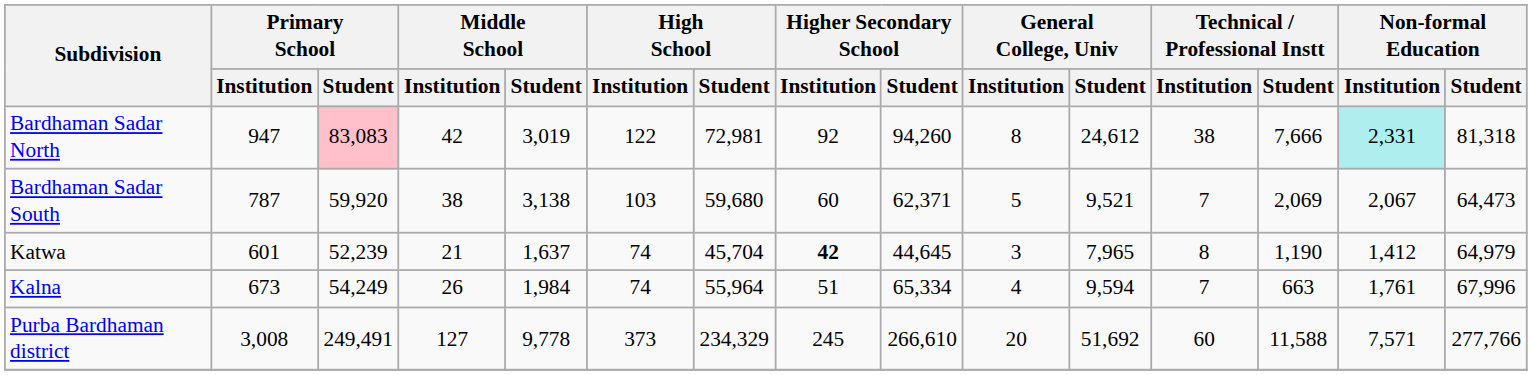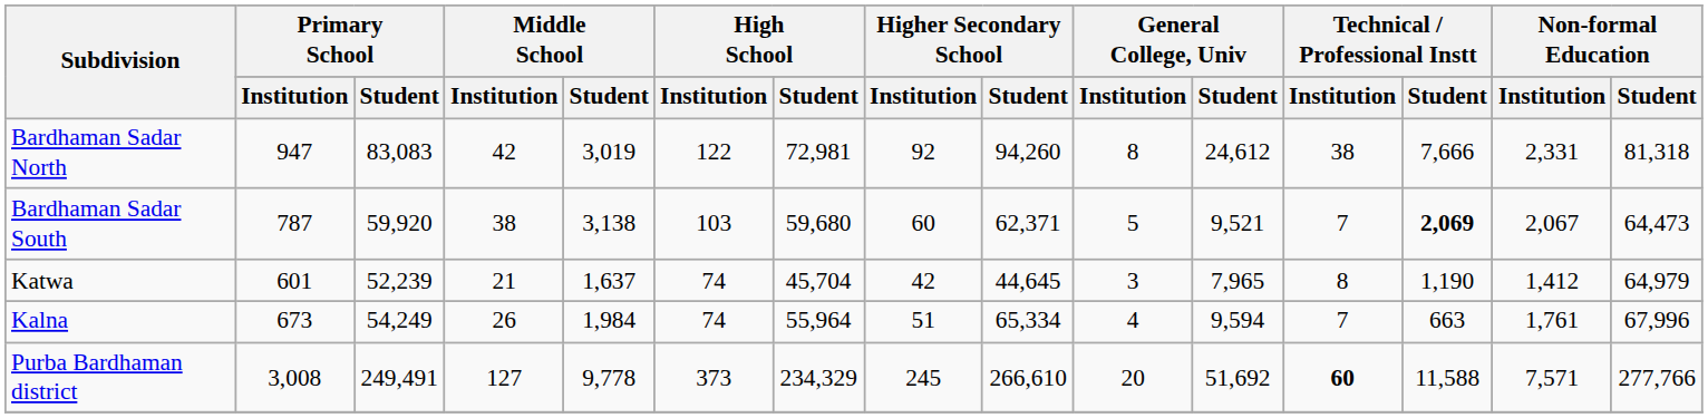 <table class="wikitable" style="text-align:center;font-size: 9pt">
 <tr>
 <th width="110" rowspan="2">Subdivision</th>
 <th colspan="2">Primary<br>School</th>
 <th colspan="2">Middle<br>School</th>
 <th colspan="2">High<br>School</th>
 <th colspan="2">Higher Secondary<br>School</th>
 <th colspan="2">General<br>College, Univ</th>
 <th colspan="2">Technical /<br>Professional Instt</th>
 <th colspan="2">Non-formal<br>Education</th>
 </tr>
 <tr>
 <th width="30">Institution</th>
 <th width="30">Student</th>
 <th width="30">Institution</th>
 <th width="30">Student</th>
 <th width="30">Institution</th>
 <th width="30">Student</th>
 <th width="30">Institution</th>
 <th width="30">Student</th>
 <th width="30">Institution</th>
 <th width="30">Student</th>
 <th width="30">Institution</th>
 <th width="30">Student</th>
 <th width="30">Institution</th>
 <th width="30">Student<br></th>
 </tr>
 <tr>
 <td align=left><a href='#'>Bardhaman Sadar North</a></td>
 <td align="center">947</td>
-<td align="center" style="background: pink;">83,083</td>
+<td align="center">83,083</td>
 <td align="center">42</td>
 <td align="center">3,019</td>
 <td align="center">122</td>
 <td align="center">72,981</td>
 <td align="center">92</td>
 <td align="center">94,260</td>
 <td align="center">8</td>
 <td align="center">24,612</td>
 <td align="center">38</td>
 <td align="center">7,666</td>
-<td align="center" style="background: paleturquoise;">2,331</td>
+<td align="center">2,331</td>
 <td align="center">81,318</td>
 </tr>
 <tr>
 <td align=left><a href='#'>Bardhaman Sadar South</a></td>
 <td align="center">787</td>
 <td align="center">59,920</td>
 <td align="center">38</td>
 <td align="center">3,138</td>
 <td align="center">103</td>
 <td align="center">59,680</td>
 <td align="center">60</td>
 <td align="center">62,371</td>
 <td align="center">5</td>
 <td align="center">9,521</td>
 <td align="center">7</td>
-<td align="center">2,069</td>
+<td align="center"><strong>2,069</strong></td>
 <td align="center">2,067</td>
 <td align="center">64,473</td>
 </tr>
 <tr>
 <td align=left>Katwa</td>
 <td align="center">601</td>
 <td align="center">52,239</td>
 <td align="center">21</td>
 <td align="center">1,637</td>
 <td align="center">74</td>
 <td align="center">45,704</td>
-<td align="center"><strong>42</strong></td>
+<td align="center">42</td>
 <td align="center">44,645</td>
 <td align="center">3</td>
 <td align="center">7,965</td>
 <td align="center">8</td>
 <td align="center">1,190</td>
 <td align="center">1,412</td>
 <td align="center">64,979</td>
 </tr>
 <tr>
 <td align=left><a href='#'>Kalna</a></td>
 <td align="center">673</td>
 <td align="center">54,249</td>
 <td align="center">26</td>
 <td align="center">1,984</td>
 <td align="center">74</td>
 <td align="center">55,964</td>
 <td align="center">51</td>
 <td align="center">65,334</td>
 <td align="center">4</td>
 <td align="center">9,594</td>
 <td align="center">7</td>
 <td align="center">663</td>
 <td align="center">1,761</td>
 <td align="center">67,996</td>
 </tr>
 <tr>
 <td align=left><a href='#'>Purba Bardhaman district</a></td>
 <td align="center">3,008</td>
 <td align="center">249,491</td>
 <td align="center">127</td>
 <td align="center">9,778</td>
 <td align="center">373</td>
 <td align="center">234,329</td>
 <td align="center">245</td>
 <td align="center">266,610</td>
 <td align="center">20</td>
 <td align="center">51,692</td>
-<td align="center">60</td>
+<td align="center"><strong>60</strong></td>
 <td align="center">11,588</td>
 <td align="center">7,571</td>
 <td align="center">277,766</td>
 </tr>
 <tr>
 </tr>
 </table>
